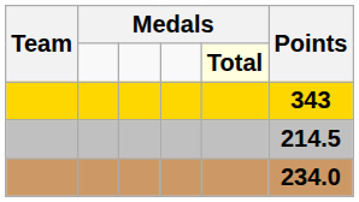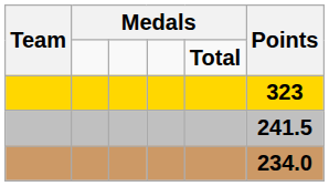 <table class="wikitable" style="text-align:center;">
 <tr>
 <th rowspan=2>Team</th>
 <th colspan=4>Medals</th>
 <th rowspan=2>Points</th>
 </tr>
 <tr>
 <td width=20px></td>
 <td width=20px></td>
 <td width=20px></td>
-<td style="background: lightyellow;"><strong>Total</strong></td>
+<td><strong>Total</strong></td>
 </tr>
 <tr bgcolor=gold>
 <td align=left></td>
 <td></td>
 <td></td>
 <td></td>
 <td></td>
-<td><strong>343</strong></td>
+<td><strong>323</strong></td>
 </tr>
 <tr bgcolor=silver>
 <td align=left></td>
 <td></td>
 <td></td>
 <td></td>
 <td></td>
-<td><strong>214.5</strong></td>
+<td><strong>241.5</strong></td>
 </tr>
 <tr bgcolor="CC9966">
 <td align=left></td>
 <td></td>
 <td></td>
 <td></td>
 <td></td>
 <td><strong>234.0</strong></td>
 </tr>
 <tr>
 </tr>
 </table>
